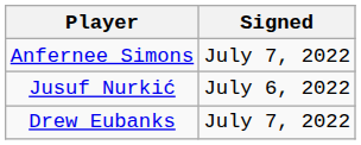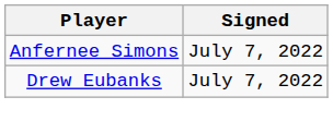 <table class="wikitable sortable sortable" style="text-align: center">
 <tr>
 <th>Player</th>
 <th>Signed</th>
 </tr>
 <tr>
 <td><a href='#'>Anfernee Simons</a></td>
 <td>July 7, 2022</td>
 </tr>
 <tr>
-<td><a href='#'>Jusuf Nurkić</a></td>
-<td>July 6, 2022</td>
-</tr>
-<tr>
 <td><a href='#'>Drew Eubanks</a></td>
 <td>July 7, 2022</td>
 </tr>
 </table>
